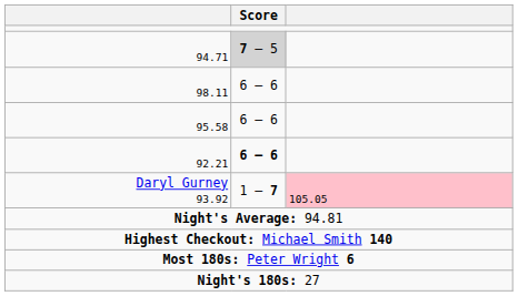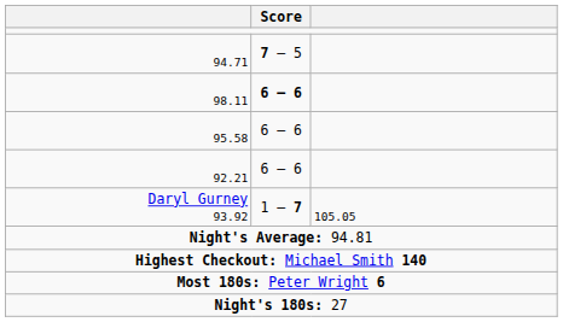 <table class=wikitable style="text-align:center">
 <tr>
 <th width=225></th>
 <th width=50>Score</th>
 <th width=225></th>
 </tr>
 <tr align=center>
 <td colspan="3"></td>
 </tr>
 <tr align=left>
 <td align=right> <br> <small><span>94.71</span></small></td>
-<td align=center style="background: lightgrey;"><strong>7</strong> – 5</td>
+<td align=center><strong>7</strong> – 5</td>
 <td></td>
 </tr>
 <tr align=left>
 <td align=right> <br> <small><span>98.11</span></small></td>
-<td align=center>6 – 6</td>
+<td align=center><strong>6 – 6</strong></td>
 <td></td>
 </tr>
 <tr align=left>
 <td align=right> <br> <small><span>95.58</span></small></td>
 <td align=center>6 – 6</td>
 <td></td>
 </tr>
 <tr align=left>
 <td align=right> <br> <small><span>92.21</span></small></td>
-<td align=center><strong>6 – 6</strong></td>
+<td align=center>6 – 6</td>
 <td></td>
 </tr>
 <tr align=left>
 <td align=right><a href='#'>Daryl Gurney</a>  <br> <small><span>93.92</span></small></td>
 <td align=center>1 – <strong>7</strong></td>
-<td style="background: pink;"> <br> <small><span>105.05</span></small></td>
+<td> <br> <small><span>105.05</span></small></td>
 </tr>
 <tr align=center>
 <td colspan="3"><strong>Night's Average:</strong> 94.81</td>
 </tr>
 <tr align=center>
 <td colspan="3"><strong>Highest Checkout:</strong>  <a href='#'>Michael Smith</a> <strong>140</strong></td>
 </tr>
 <tr align=center>
 <td colspan="3"><strong>Most 180s:</strong>  <a href='#'>Peter Wright</a> <strong>6</strong></td>
 </tr>
 <tr align=center>
 <td colspan="3"><strong>Night's 180s:</strong> 27</td>
 </tr>
 </table>
